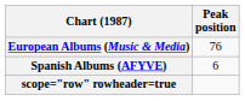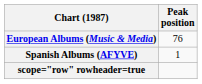 <table class="wikitable sortable plainrowheaders" style="text-align:center">
 <tr>
 <th scope="col">Chart (1987)</th>
 <th scope="col">Peak<br>position</th>
 </tr>
 <tr>
 <th scope="row"><a href='#'>European Albums</a> (<em><a href='#'>Music & Media</a></em>)</th>
 <td>76</td>
 </tr>
 <tr>
 <th scope="row">Spanish Albums (<a href='#'>AFYVE</a>)</th>
-<td>6</td>
+<td>1</td>
 </tr>
 <tr>
 <th>scope="row" rowheader=true</th>
 </tr>
 </table>
